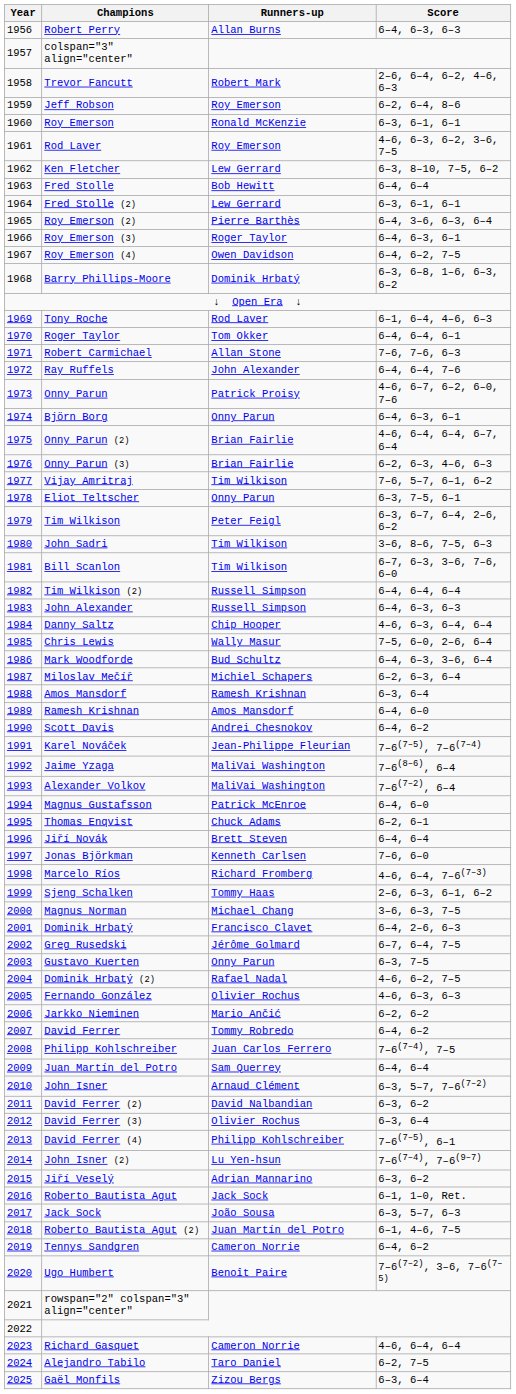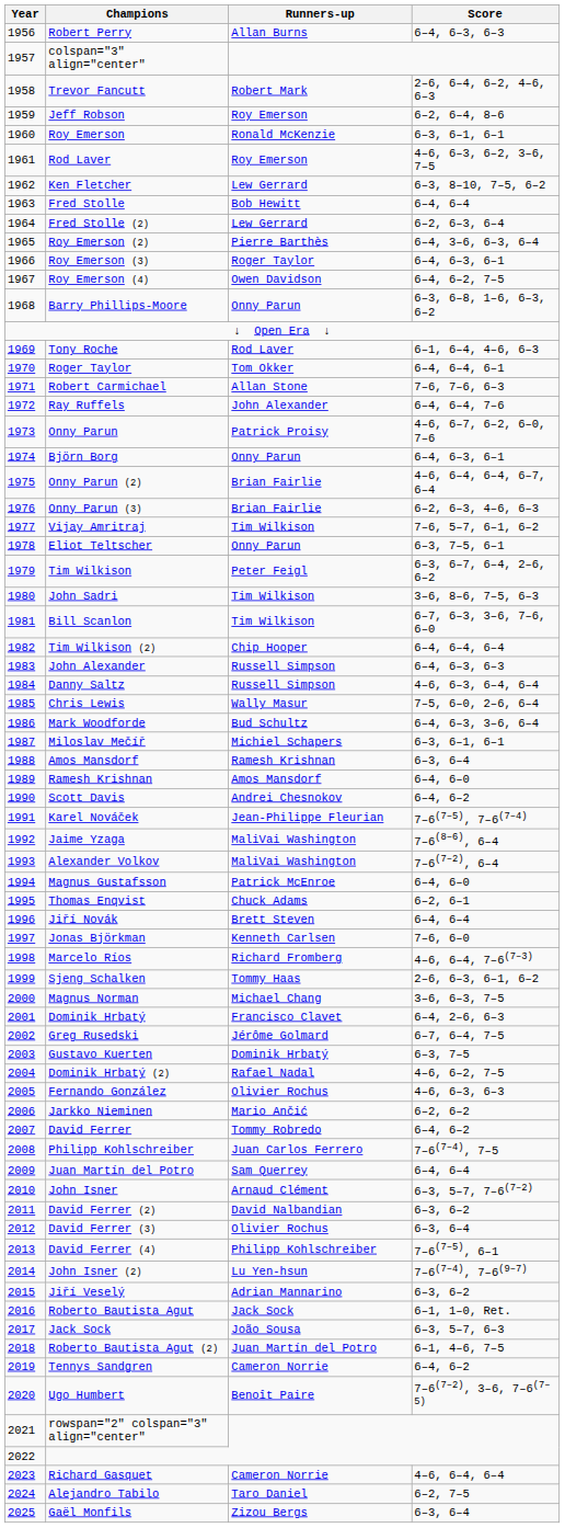 <table class="wikitable">
 <tr>
 <th style="width:40px">Year</th>
 <th style="width:200px">Champions</th>
 <th style="width:200px">Runners-up</th>
 <th style="width:160px" class="unsortable">Score</th>
 </tr>
 <tr>
 <td>1956</td>
 <td> <a href='#'>Robert Perry</a></td>
 <td> <a href='#'>Allan Burns</a></td>
 <td>6–4, 6–3, 6–3</td>
 </tr>
 <tr>
 <td>1957</td>
 <td>colspan="3" align="center" </td>
 </tr>
 <tr>
 <td>1958</td>
 <td> <a href='#'>Trevor Fancutt</a></td>
 <td> <a href='#'>Robert Mark</a></td>
 <td>2–6, 6–4, 6–2, 4–6, 6–3</td>
 </tr>
 <tr>
 <td>1959</td>
 <td> <a href='#'>Jeff Robson</a></td>
 <td> <a href='#'>Roy Emerson</a></td>
 <td>6–2, 6–4, 8–6</td>
 </tr>
 <tr>
 <td>1960</td>
 <td> <a href='#'>Roy Emerson</a></td>
 <td> <a href='#'>Ronald McKenzie</a></td>
 <td>6–3, 6–1, 6–1</td>
 </tr>
 <tr>
 <td>1961</td>
 <td> <a href='#'>Rod Laver</a></td>
 <td> <a href='#'>Roy Emerson</a></td>
 <td>4–6, 6–3, 6–2, 3–6, 7–5</td>
 </tr>
 <tr>
 <td>1962</td>
 <td> <a href='#'>Ken Fletcher</a></td>
 <td> <a href='#'>Lew Gerrard</a></td>
 <td>6–3, 8–10, 7–5, 6–2</td>
 </tr>
 <tr>
 <td>1963</td>
 <td> <a href='#'>Fred Stolle</a></td>
 <td> <a href='#'>Bob Hewitt</a></td>
 <td>6–4, 6–4</td>
 </tr>
 <tr>
 <td>1964</td>
 <td> <a href='#'>Fred Stolle</a> <small>(2)</small></td>
 <td> <a href='#'>Lew Gerrard</a></td>
-<td>6–3, 6–1, 6–1</td>
+<td>6–2, 6–3, 6–4</td>
 </tr>
 <tr>
 <td>1965</td>
 <td> <a href='#'>Roy Emerson</a> <small>(2)</small></td>
 <td> <a href='#'>Pierre Barthès</a></td>
 <td>6–4, 3–6, 6–3, 6–4</td>
 </tr>
 <tr>
 <td>1966</td>
 <td> <a href='#'>Roy Emerson</a> <small>(3)</small></td>
 <td> <a href='#'>Roger Taylor</a></td>
 <td>6–4, 6–3, 6–1</td>
 </tr>
 <tr>
 <td>1967</td>
 <td> <a href='#'>Roy Emerson</a> <small>(4)</small></td>
 <td> <a href='#'>Owen Davidson</a></td>
 <td>6–4, 6–2, 7–5</td>
 </tr>
 <tr>
 <td>1968</td>
 <td> <a href='#'>Barry Phillips-Moore</a></td>
-<td> <a href='#'>Dominik Hrbatý</a></td>
+<td> <a href='#'>Onny Parun</a></td>
 <td>6–3, 6–8, 1–6, 6–3, 6–2</td>
 </tr>
 <tr>
 <td colspan=5 align=center>↓  <a href='#'>Open Era</a>  ↓</td>
 </tr>
 <tr>
 <td><a href='#'>1969</a></td>
 <td> <a href='#'>Tony Roche</a></td>
 <td> <a href='#'>Rod Laver</a></td>
 <td>6–1, 6–4, 4–6, 6–3</td>
 </tr>
 <tr>
 <td><a href='#'>1970</a></td>
 <td> <a href='#'>Roger Taylor</a></td>
 <td> <a href='#'>Tom Okker</a></td>
 <td>6–4, 6–4, 6–1</td>
 </tr>
 <tr>
 <td><a href='#'>1971</a></td>
 <td> <a href='#'>Robert Carmichael</a></td>
 <td> <a href='#'>Allan Stone</a></td>
 <td>7–6, 7–6, 6–3</td>
 </tr>
 <tr>
 <td><a href='#'>1972</a></td>
 <td> <a href='#'>Ray Ruffels</a></td>
 <td> <a href='#'>John Alexander</a></td>
 <td>6–4, 6–4, 7–6</td>
 </tr>
 <tr>
 <td><a href='#'>1973</a></td>
 <td> <a href='#'>Onny Parun</a></td>
 <td> <a href='#'>Patrick Proisy</a></td>
 <td>4–6, 6–7, 6–2, 6–0, 7–6</td>
 </tr>
 <tr>
 <td><a href='#'>1974</a></td>
 <td> <a href='#'>Björn Borg</a></td>
 <td> <a href='#'>Onny Parun</a></td>
 <td>6–4, 6–3, 6–1</td>
 </tr>
 <tr>
 <td><a href='#'>1975</a></td>
 <td> <a href='#'>Onny Parun</a> <small>(2)</small></td>
 <td> <a href='#'>Brian Fairlie</a></td>
 <td>4–6, 6–4, 6–4, 6–7, 6–4</td>
 </tr>
 <tr>
 <td><a href='#'>1976</a></td>
 <td> <a href='#'>Onny Parun</a> <small>(3)</small></td>
 <td> <a href='#'>Brian Fairlie</a></td>
 <td>6–2, 6–3, 4–6, 6–3</td>
 </tr>
 <tr>
 <td><a href='#'>1977</a></td>
 <td> <a href='#'>Vijay Amritraj</a></td>
 <td> <a href='#'>Tim Wilkison</a></td>
 <td>7–6, 5–7, 6–1, 6–2</td>
 </tr>
 <tr>
 <td><a href='#'>1978</a></td>
 <td> <a href='#'>Eliot Teltscher</a></td>
 <td> <a href='#'>Onny Parun</a></td>
 <td>6–3, 7–5, 6–1</td>
 </tr>
 <tr>
 <td><a href='#'>1979</a></td>
 <td> <a href='#'>Tim Wilkison</a></td>
 <td> <a href='#'>Peter Feigl</a></td>
 <td>6–3, 6–7, 6–4, 2–6, 6–2</td>
 </tr>
 <tr>
 <td><a href='#'>1980</a></td>
 <td> <a href='#'>John Sadri</a></td>
 <td> <a href='#'>Tim Wilkison</a></td>
 <td>3–6, 8–6, 7–5, 6–3</td>
 </tr>
 <tr>
 <td><a href='#'>1981</a></td>
 <td> <a href='#'>Bill Scanlon</a></td>
 <td> <a href='#'>Tim Wilkison</a></td>
 <td>6–7, 6–3, 3–6, 7–6, 6–0</td>
 </tr>
 <tr>
 <td><a href='#'>1982</a></td>
 <td> <a href='#'>Tim Wilkison</a> <small>(2)</small></td>
-<td> <a href='#'>Russell Simpson</a></td>
+<td> <a href='#'>Chip Hooper</a></td>
 <td>6–4, 6–4, 6–4</td>
 </tr>
 <tr>
 <td><a href='#'>1983</a></td>
 <td> <a href='#'>John Alexander</a></td>
 <td> <a href='#'>Russell Simpson</a></td>
 <td>6–4, 6–3, 6–3</td>
 </tr>
 <tr>
 <td><a href='#'>1984</a></td>
 <td> <a href='#'>Danny Saltz</a></td>
-<td> <a href='#'>Chip Hooper</a></td>
+<td> <a href='#'>Russell Simpson</a></td>
 <td>4–6, 6–3, 6–4, 6–4</td>
 </tr>
 <tr>
 <td><a href='#'>1985</a></td>
 <td> <a href='#'>Chris Lewis</a></td>
 <td> <a href='#'>Wally Masur</a></td>
 <td>7–5, 6–0, 2–6, 6–4</td>
 </tr>
 <tr>
 <td><a href='#'>1986</a></td>
 <td> <a href='#'>Mark Woodforde</a></td>
 <td> <a href='#'>Bud Schultz</a></td>
 <td>6–4, 6–3, 3–6, 6–4</td>
 </tr>
 <tr>
 <td><a href='#'>1987</a></td>
 <td> <a href='#'>Miloslav Mečíř</a></td>
 <td> <a href='#'>Michiel Schapers</a></td>
-<td>6–2, 6–3, 6–4</td>
+<td>6–3, 6–1, 6–1</td>
 </tr>
 <tr>
 <td><a href='#'>1988</a></td>
 <td> <a href='#'>Amos Mansdorf</a></td>
 <td> <a href='#'>Ramesh Krishnan</a></td>
 <td>6–3, 6–4</td>
 </tr>
 <tr>
 <td><a href='#'>1989</a></td>
 <td> <a href='#'>Ramesh Krishnan</a></td>
 <td> <a href='#'>Amos Mansdorf</a></td>
 <td>6–4, 6–0</td>
 </tr>
 <tr>
 <td><a href='#'>1990</a></td>
 <td> <a href='#'>Scott Davis</a></td>
 <td> <a href='#'>Andrei Chesnokov</a></td>
 <td>6–4, 6–2</td>
 </tr>
 <tr>
 <td><a href='#'>1991</a></td>
 <td> <a href='#'>Karel Nováček</a></td>
 <td> <a href='#'>Jean-Philippe Fleurian</a></td>
 <td>7–6<sup>(7–5)</sup>, 7–6<sup>(7–4)</sup></td>
 </tr>
 <tr>
 <td><a href='#'>1992</a></td>
 <td> <a href='#'>Jaime Yzaga</a></td>
 <td> <a href='#'>MaliVai Washington</a></td>
 <td>7–6<sup>(8–6)</sup>, 6–4</td>
 </tr>
 <tr>
 <td><a href='#'>1993</a></td>
 <td> <a href='#'>Alexander Volkov</a></td>
 <td> <a href='#'>MaliVai Washington</a></td>
 <td>7–6<sup>(7–2)</sup>, 6–4</td>
 </tr>
 <tr>
 <td><a href='#'>1994</a></td>
 <td> <a href='#'>Magnus Gustafsson</a></td>
 <td> <a href='#'>Patrick McEnroe</a></td>
 <td>6–4, 6–0</td>
 </tr>
 <tr>
 <td><a href='#'>1995</a></td>
 <td> <a href='#'>Thomas Enqvist</a></td>
 <td> <a href='#'>Chuck Adams</a></td>
 <td>6–2, 6–1</td>
 </tr>
 <tr>
 <td><a href='#'>1996</a></td>
 <td> <a href='#'>Jiří Novák</a></td>
 <td> <a href='#'>Brett Steven</a></td>
 <td>6–4, 6–4</td>
 </tr>
 <tr>
 <td><a href='#'>1997</a></td>
 <td> <a href='#'>Jonas Björkman</a></td>
 <td> <a href='#'>Kenneth Carlsen</a></td>
 <td>7–6, 6–0</td>
 </tr>
 <tr>
 <td><a href='#'>1998</a></td>
 <td> <a href='#'>Marcelo Ríos</a></td>
 <td> <a href='#'>Richard Fromberg</a></td>
 <td>4–6, 6–4, 7–6<sup>(7–3)</sup></td>
 </tr>
 <tr>
 <td><a href='#'>1999</a></td>
 <td> <a href='#'>Sjeng Schalken</a></td>
 <td> <a href='#'>Tommy Haas</a></td>
 <td>2–6, 6–3, 6–1, 6–2</td>
 </tr>
 <tr>
 <td><a href='#'>2000</a></td>
 <td> <a href='#'>Magnus Norman</a></td>
 <td> <a href='#'>Michael Chang</a></td>
 <td>3–6, 6–3, 7–5</td>
 </tr>
 <tr>
 <td><a href='#'>2001</a></td>
 <td> <a href='#'>Dominik Hrbatý</a></td>
 <td> <a href='#'>Francisco Clavet</a></td>
 <td>6–4, 2–6, 6–3</td>
 </tr>
 <tr>
 <td><a href='#'>2002</a></td>
 <td> <a href='#'>Greg Rusedski</a></td>
 <td> <a href='#'>Jérôme Golmard</a></td>
 <td>6–7, 6–4, 7–5</td>
 </tr>
 <tr>
 <td><a href='#'>2003</a></td>
 <td> <a href='#'>Gustavo Kuerten</a></td>
-<td> <a href='#'>Onny Parun</a></td>
+<td> <a href='#'>Dominik Hrbatý</a></td>
 <td>6–3, 7–5</td>
 </tr>
 <tr>
 <td><a href='#'>2004</a></td>
 <td> <a href='#'>Dominik Hrbatý</a> <small>(2)</small></td>
 <td> <a href='#'>Rafael Nadal</a></td>
 <td>4–6, 6–2, 7–5</td>
 </tr>
 <tr>
 <td><a href='#'>2005</a></td>
 <td> <a href='#'>Fernando González</a></td>
 <td> <a href='#'>Olivier Rochus</a></td>
 <td>4–6, 6–3, 6–3</td>
 </tr>
 <tr>
 <td><a href='#'>2006</a></td>
 <td> <a href='#'>Jarkko Nieminen</a></td>
 <td> <a href='#'>Mario Ančić</a></td>
 <td>6–2, 6–2</td>
 </tr>
 <tr>
 <td><a href='#'>2007</a></td>
 <td> <a href='#'>David Ferrer</a></td>
 <td> <a href='#'>Tommy Robredo</a></td>
 <td>6–4, 6–2</td>
 </tr>
 <tr>
 <td><a href='#'>2008</a></td>
 <td> <a href='#'>Philipp Kohlschreiber</a></td>
 <td> <a href='#'>Juan Carlos Ferrero</a></td>
 <td>7–6<sup>(7–4)</sup>, 7–5</td>
 </tr>
 <tr>
 <td><a href='#'>2009</a></td>
 <td> <a href='#'>Juan Martín del Potro</a></td>
 <td> <a href='#'>Sam Querrey</a></td>
 <td>6–4, 6–4</td>
 </tr>
 <tr>
 <td><a href='#'>2010</a></td>
 <td> <a href='#'>John Isner</a></td>
 <td> <a href='#'>Arnaud Clément</a></td>
 <td>6–3, 5–7, 7–6<sup>(7–2)</sup></td>
 </tr>
 <tr>
 <td><a href='#'>2011</a></td>
 <td> <a href='#'>David Ferrer</a> <small>(2)</small></td>
 <td> <a href='#'>David Nalbandian</a></td>
 <td>6–3, 6–2</td>
 </tr>
 <tr>
 <td><a href='#'>2012</a></td>
 <td> <a href='#'>David Ferrer</a> <small>(3)</small></td>
 <td> <a href='#'>Olivier Rochus</a></td>
 <td>6–3, 6–4</td>
 </tr>
 <tr>
 <td><a href='#'>2013</a></td>
 <td> <a href='#'>David Ferrer</a> <small>(4)</small></td>
 <td> <a href='#'>Philipp Kohlschreiber</a></td>
 <td>7–6<sup>(7–5)</sup>, 6–1</td>
 </tr>
 <tr>
 <td><a href='#'>2014</a></td>
 <td> <a href='#'>John Isner</a> <small>(2)</small></td>
 <td> <a href='#'>Lu Yen-hsun</a></td>
 <td>7–6<sup>(7–4)</sup>, 7–6<sup>(9–7)</sup></td>
 </tr>
 <tr>
 <td><a href='#'>2015</a></td>
 <td> <a href='#'>Jiří Veselý</a></td>
 <td> <a href='#'>Adrian Mannarino</a></td>
 <td>6–3, 6–2</td>
 </tr>
 <tr>
 <td><a href='#'>2016</a></td>
 <td> <a href='#'>Roberto Bautista Agut</a></td>
 <td> <a href='#'>Jack Sock</a></td>
 <td>6–1, 1–0, Ret.</td>
 </tr>
 <tr>
 <td><a href='#'>2017</a></td>
 <td> <a href='#'>Jack Sock</a></td>
 <td> <a href='#'>João Sousa</a></td>
 <td>6–3, 5–7, 6–3</td>
 </tr>
 <tr>
 <td><a href='#'>2018</a></td>
 <td> <a href='#'>Roberto Bautista Agut</a> <small>(2)</small></td>
 <td> <a href='#'>Juan Martín del Potro</a></td>
 <td>6–1, 4–6, 7–5</td>
 </tr>
 <tr>
 <td><a href='#'>2019</a></td>
 <td> <a href='#'>Tennys Sandgren</a></td>
 <td> <a href='#'>Cameron Norrie</a></td>
 <td>6–4, 6–2</td>
 </tr>
 <tr>
 <td><a href='#'>2020</a></td>
 <td> <a href='#'>Ugo Humbert</a></td>
 <td> <a href='#'>Benoît Paire</a></td>
 <td>7–6<sup>(7–2)</sup>, 3–6, 7–6<sup>(7–5)</sup></td>
 </tr>
 <tr>
 <td>2021</td>
 <td>rowspan="2" colspan="3" align="center" </td>
 </tr>
 <tr>
 <td>2022</td>
 </tr>
 <tr>
 <td><a href='#'>2023</a></td>
 <td> <a href='#'>Richard Gasquet</a></td>
 <td> <a href='#'>Cameron Norrie</a></td>
 <td>4–6, 6–4, 6–4</td>
 </tr>
 <tr>
 <td><a href='#'>2024</a></td>
 <td> <a href='#'>Alejandro Tabilo</a></td>
 <td> <a href='#'>Taro Daniel</a></td>
 <td>6–2, 7–5</td>
 </tr>
 <tr>
 <td><a href='#'>2025</a></td>
 <td> <a href='#'>Gaël Monfils</a></td>
 <td> <a href='#'>Zizou Bergs</a></td>
 <td>6–3, 6–4</td>
 </tr>
 </table>
